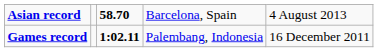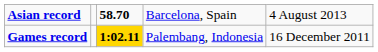 <table class="wikitable">
 <tr>
 <td><strong><a href='#'>Asian record</a></strong></td>
 <td></td>
 <td><strong>58.70</strong></td>
 <td><a href='#'>Barcelona</a>, Spain</td>
 <td>4 August 2013</td>
 </tr>
 <tr>
 <td><strong><a href='#'>Games record</a></strong></td>
 <td></td>
-<td><strong>1:02.11</strong></td>
+<td style="background: gold;"><strong>1:02.11</strong></td>
 <td><a href='#'>Palembang</a>, <a href='#'>Indonesia</a></td>
 <td>16 December 2011</td>
 </tr>
 </table>
